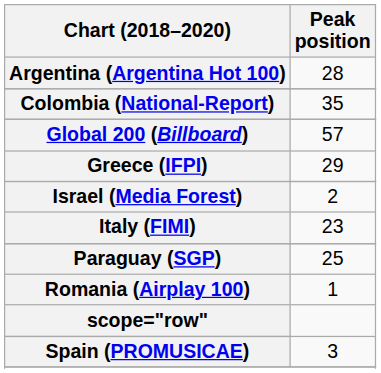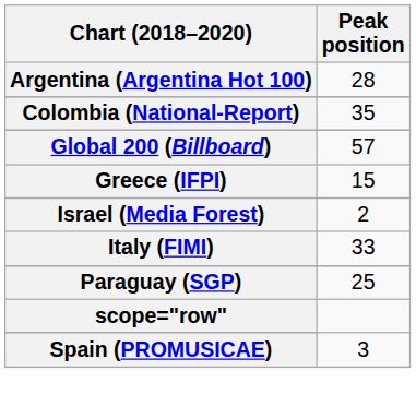 <table class="wikitable sortable plainrowheaders" style="text-align:center">
 <tr>
 <th scope="col">Chart (2018–2020)</th>
 <th scope="col">Peak<br>position</th>
 </tr>
 <tr>
 <th scope="row">Argentina (<a href='#'>Argentina Hot 100</a>)<br></th>
 <td>28</td>
 </tr>
 <tr>
 </tr>
 <tr>
 </tr>
 <tr>
 </tr>
 <tr>
 <th scope="row">Colombia (<a href='#'>National-Report</a>)<br></th>
 <td>35</td>
 </tr>
 <tr>
 </tr>
 <tr>
 </tr>
 <tr>
 <th scope="row"><a href='#'>Global 200</a> (<a href='#'><em>Billboard</em></a>)<br></th>
 <td>57</td>
 </tr>
 <tr>
 <th scope="row">Greece (<a href='#'>IFPI</a>)</th>
-<td>29</td>
+<td>15</td>
 </tr>
 <tr>
 </tr>
 <tr>
 <th scope="row">Israel (<a href='#'>Media Forest</a>)</th>
 <td>2</td>
 </tr>
 <tr>
 <th scope="row">Italy (<a href='#'>FIMI</a>)<br></th>
-<td>23</td>
+<td>33</td>
 </tr>
 <tr>
 </tr>
 <tr>
 </tr>
 <tr>
 </tr>
 <tr>
 <th scope="row">Paraguay (<a href='#'>SGP</a>)<br></th>
 <td>25</td>
-</tr>
-<tr>
-<th scope="row">Romania (<a href='#'>Airplay 100</a>)</th>
-<td>1</td>
 </tr>
 <tr>
 <th>scope="row"</th>
 </tr>
 <tr>
 </tr>
 <tr>
 <th scope="row">Spain (<a href='#'>PROMUSICAE</a>)</th>
 <td>3</td>
 </tr>
 <tr>
 </tr>
 <tr>
 </tr>
 <tr>
 </tr>
 </table>
